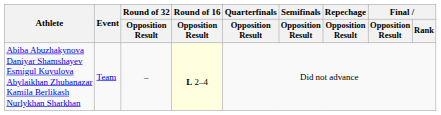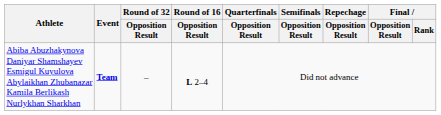 <table class="wikitable" style="font-size:90%">
 <tr>
 <th rowspan="2">Athlete</th>
 <th rowspan="2">Event</th>
 <th>Round of 32</th>
 <th>Round of 16</th>
 <th>Quarterfinals</th>
 <th>Semifinals</th>
 <th>Repechage</th>
 <th colspan=2>Final / </th>
 </tr>
 <tr style="font-size:95%">
 <th>Opposition<br>Result</th>
 <th>Opposition<br>Result</th>
 <th>Opposition<br>Result</th>
 <th>Opposition<br>Result</th>
 <th>Opposition<br>Result</th>
 <th>Opposition<br>Result</th>
 <th>Rank</th>
 </tr>
 <tr align=center>
 <td align=left><a href='#'>Abiba Abuzhakynova</a> <br>		<a href='#'>Daniyar Shamshayev</a> <br> <a href='#'>Esmigul Kuyulova</a><br><a href='#'>Abylaikhan Zhubanazar</a> <br> <a href='#'>Kamila Berlikash</a>	<br> <a href='#'>Nurlykhan Sharkhan</a></td>
-<td align=left><a href='#'>Team</a></td>
+<td align=left><strong><a href='#'>Team</a></strong></td>
 <td>–</td>
-<td style="background: lightyellow;"><br> <strong>L</strong> 2–4</td>
+<td><br> <strong>L</strong> 2–4</td>
 <td colspan="5" align="center">Did not advance</td>
 </tr>
 </table>
